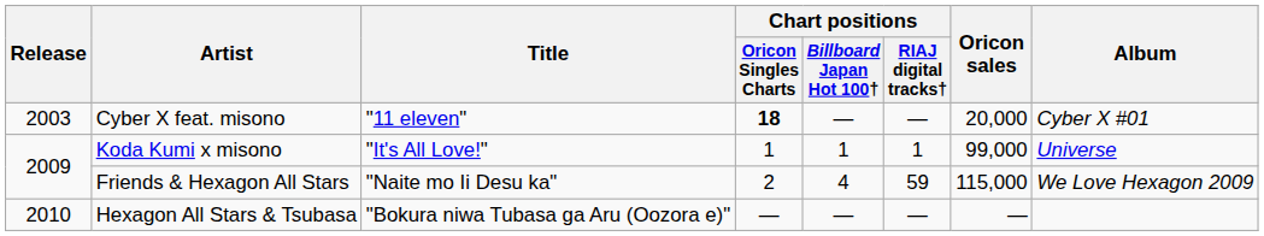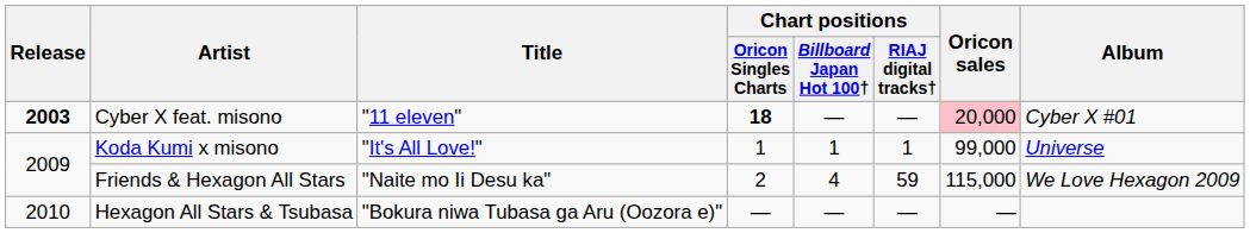 <table class="wikitable" style="text-align:center">
 <tr bgcolor="#CCCCCC">
 <th rowspan="2">Release</th>
 <th rowspan="2">Artist</th>
 <th rowspan="2">Title</th>
 <th colspan="3">Chart positions</th>
 <th rowspan="2">Oricon<br>sales<br></th>
 <th rowspan="2">Album</th>
 </tr>
 <tr style="font-size:smaller;">
 <th width="35"><a href='#'>Oricon</a> Singles Charts<br></th>
 <th width="35"><em><a href='#'>Billboard</a></em> <a href='#'>Japan Hot 100</a>†<br></th>
 <th width="35"><a href='#'>RIAJ</a> digital tracks†<br></th>
 </tr>
 <tr>
-<td rowspan="1">2003</td>
+<td rowspan="1"><strong>2003</strong></td>
 <td align="left">Cyber X feat. misono</td>
 <td align="left">"<a href='#'>11 eleven</a>"</td>
 <td><strong>18</strong></td>
 <td>—</td>
 <td>—</td>
-<td align="right">20,000</td>
+<td align="right" style="background: pink;">20,000</td>
 <td align="left" rowspan="1"><em>Cyber X #01</em></td>
 </tr>
 <tr>
 <td rowspan="2">2009</td>
 <td align="left"><a href='#'>Koda Kumi</a> x misono</td>
 <td align="left">"<a href='#'>It's All Love!</a>"</td>
 <td>1</td>
 <td>1</td>
 <td>1</td>
 <td align="right">99,000</td>
 <td align="left" rowspan="1"><em><a href='#'>Universe</a></em></td>
 </tr>
 <tr>
 <td align="left">Friends & Hexagon All Stars</td>
 <td align="left">"Naite mo Ii Desu ka"</td>
 <td>2</td>
 <td>4</td>
 <td>59</td>
 <td align="right">115,000</td>
 <td align="left" rowspan="1"><em>We Love Hexagon 2009</em></td>
 </tr>
 <tr>
 <td rowspan="1">2010</td>
 <td align="left">Hexagon All Stars & Tsubasa</td>
 <td align="left">"Bokura niwa Tubasa ga Aru (Oozora e)"</td>
 <td>—</td>
 <td>—</td>
 <td>—</td>
 <td align="right">—</td>
 <td align="left" rowspan="1"></td>
 </tr>
 </table>
